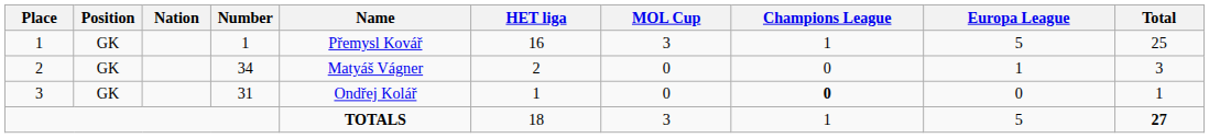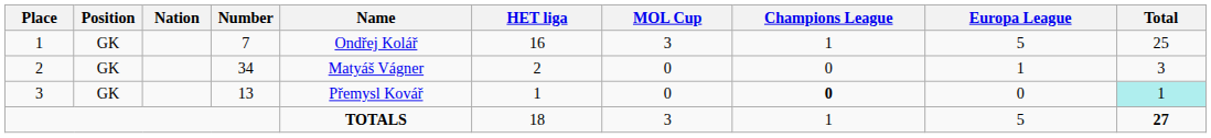 <table class="wikitable" style="font-size: 95%; text-align: center;">
 <tr>
 <th width=60>Place</th>
 <th width=60>Position</th>
 <th width=60>Nation</th>
 <th width=60>Number</th>
 <th width=180>Name</th>
 <th width=120><a href='#'>HET liga</a></th>
 <th width=120><a href='#'>MOL Cup</a></th>
 <th width=180><a href='#'>Champions League</a></th>
 <th width=180><a href='#'>Europa League</a></th>
 <th width=80>Total</th>
 </tr>
 <tr>
 <td>1</td>
 <td>GK</td>
 <td></td>
-<td>1</td>
-<td><a href='#'>Přemysl Kovář</a></td>
+<td>7</td>
+<td><a href='#'>Ondřej Kolář</a></td>
 <td>16</td>
 <td>3</td>
 <td>1</td>
 <td>5</td>
 <td>25</td>
 </tr>
 <tr>
 <td>2</td>
 <td>GK</td>
 <td></td>
 <td>34</td>
 <td><a href='#'>Matyáš Vágner</a></td>
 <td>2</td>
 <td>0</td>
 <td>0</td>
 <td>1</td>
 <td>3</td>
 </tr>
 <tr>
 <td>3</td>
 <td>GK</td>
 <td></td>
-<td>31</td>
-<td><a href='#'>Ondřej Kolář</a></td>
+<td>13</td>
+<td><a href='#'>Přemysl Kovář</a></td>
 <td>1</td>
 <td>0</td>
 <td><strong>0</strong></td>
 <td>0</td>
-<td>1</td>
+<td style="background: paleturquoise;">1</td>
 </tr>
 <tr>
 <td colspan="4"></td>
 <td><strong>TOTALS</strong></td>
 <td>18</td>
 <td>3</td>
 <td>1</td>
 <td>5</td>
 <td><strong>27</strong></td>
 </tr>
 </table>
